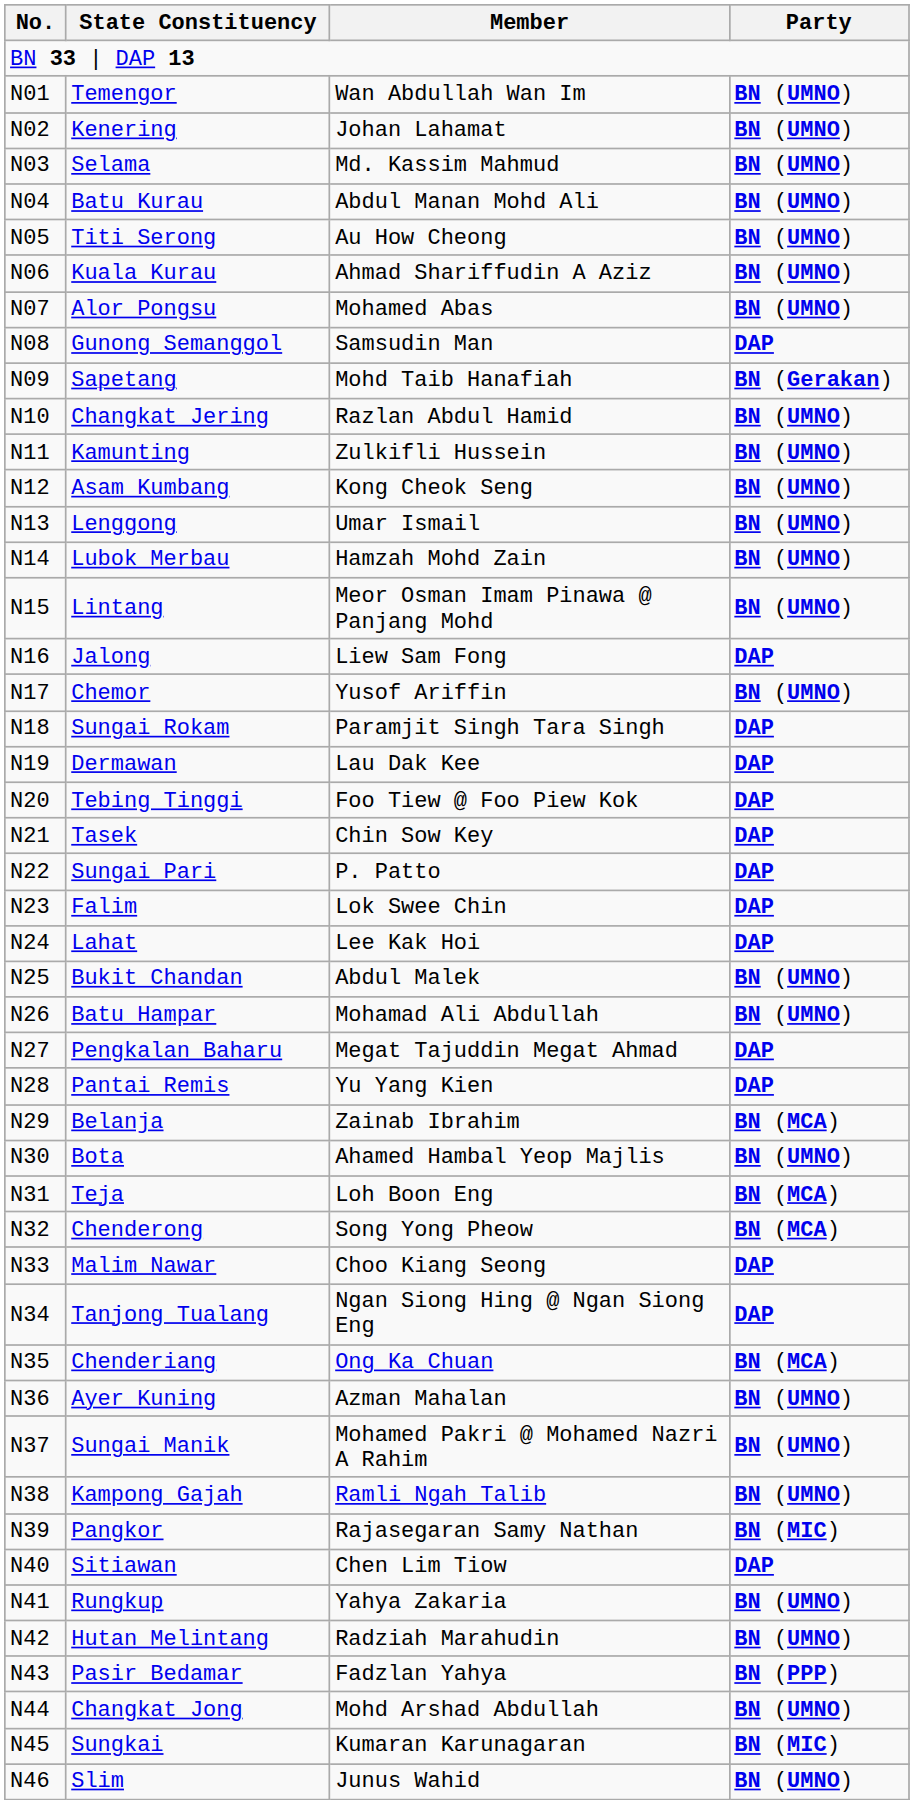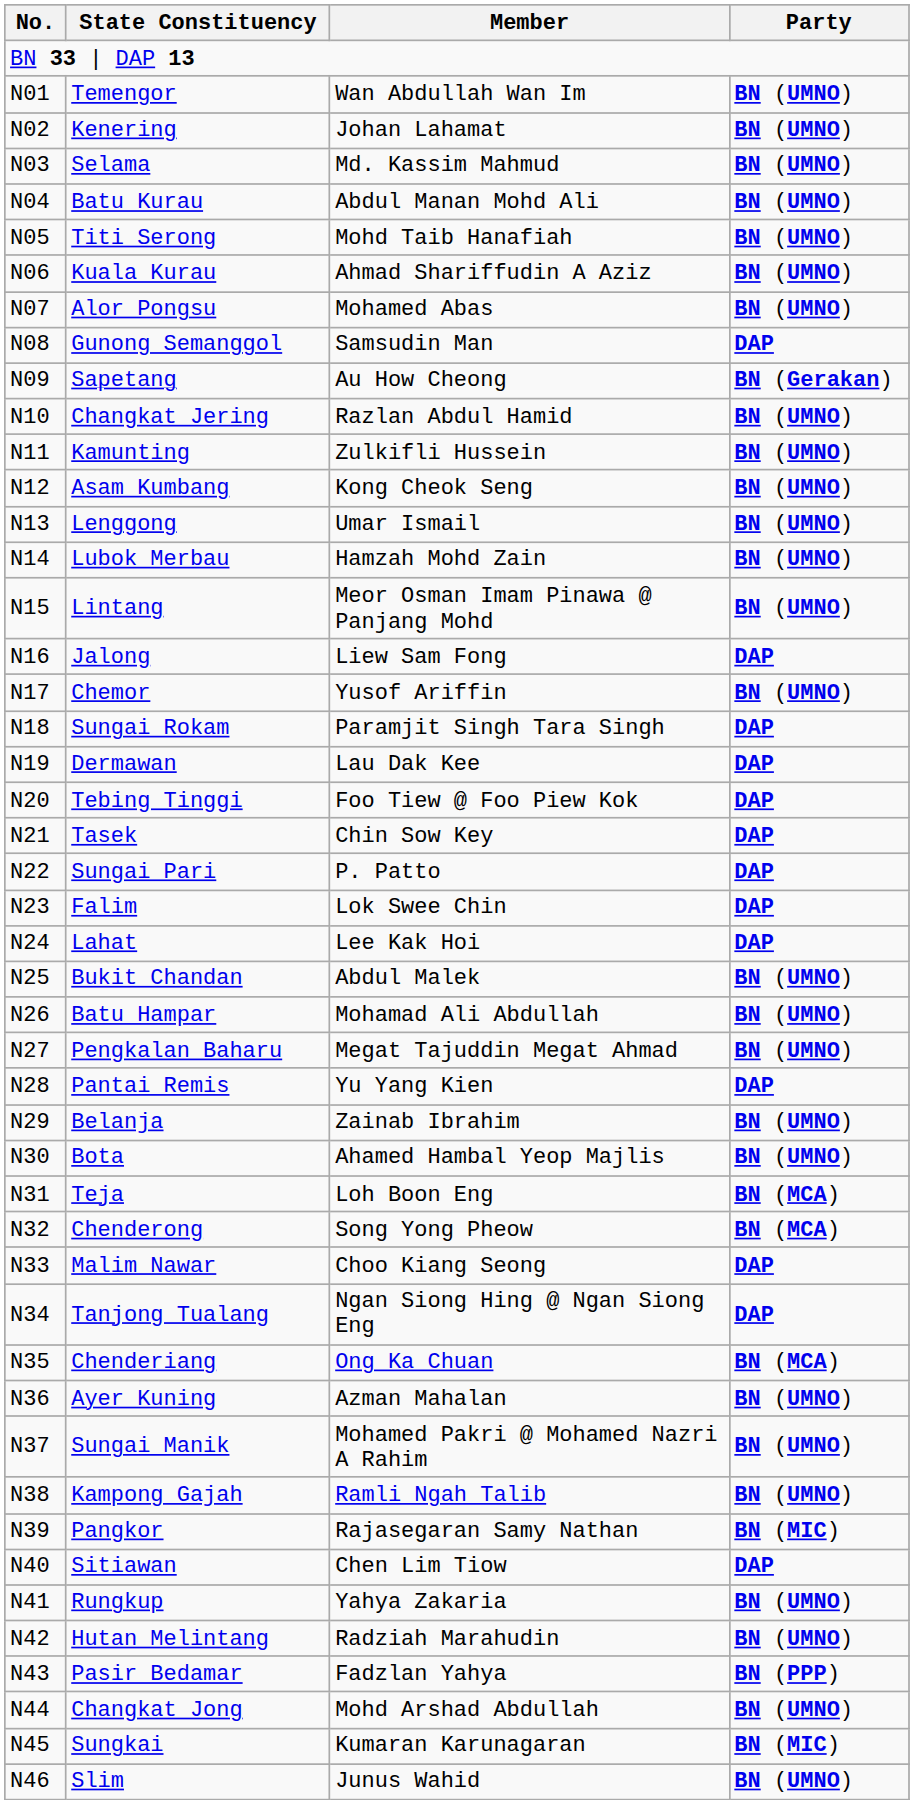 <table class="wikitable sortable">
 <tr>
 <th style="width:30px;">No.</th>
 <th style="width:150px;">State Constituency</th>
 <th style="width:230px;">Member</th>
 <th style="width:100px;">Party</th>
 </tr>
 <tr>
 <td colspan="4"><a href='#'>BN</a> <strong>33</strong> | <a href='#'>DAP</a> <strong>13</strong></td>
 </tr>
 <tr>
 <td>N01</td>
 <td><a href='#'>Temengor</a></td>
 <td>Wan Abdullah Wan Im</td>
 <td><strong><a href='#'>BN</a></strong> (<strong><a href='#'>UMNO</a></strong>)</td>
 </tr>
 <tr>
 <td>N02</td>
 <td><a href='#'>Kenering</a></td>
 <td>Johan Lahamat</td>
 <td><strong><a href='#'>BN</a></strong> (<strong><a href='#'>UMNO</a></strong>)</td>
 </tr>
 <tr>
 <td>N03</td>
 <td><a href='#'>Selama</a></td>
 <td>Md. Kassim Mahmud</td>
 <td><strong><a href='#'>BN</a></strong> (<strong><a href='#'>UMNO</a></strong>)</td>
 </tr>
 <tr>
 <td>N04</td>
 <td><a href='#'>Batu Kurau</a></td>
 <td>Abdul Manan Mohd Ali</td>
 <td><strong><a href='#'>BN</a></strong> (<strong><a href='#'>UMNO</a></strong>)</td>
 </tr>
 <tr>
 <td>N05</td>
 <td><a href='#'>Titi Serong</a></td>
-<td>Au How Cheong</td>
+<td>Mohd Taib Hanafiah</td>
 <td><strong><a href='#'>BN</a></strong> (<strong><a href='#'>UMNO</a></strong>)</td>
 </tr>
 <tr>
 <td>N06</td>
 <td><a href='#'>Kuala Kurau</a></td>
 <td>Ahmad Shariffudin A Aziz</td>
 <td><strong><a href='#'>BN</a></strong> (<strong><a href='#'>UMNO</a></strong>)</td>
 </tr>
 <tr>
 <td>N07</td>
 <td><a href='#'>Alor Pongsu</a></td>
 <td>Mohamed Abas</td>
 <td><strong><a href='#'>BN</a></strong> (<strong><a href='#'>UMNO</a></strong>)</td>
 </tr>
 <tr>
 <td>N08</td>
 <td><a href='#'>Gunong Semanggol</a></td>
 <td>Samsudin Man</td>
 <td><strong><a href='#'>DAP</a></strong></td>
 </tr>
 <tr>
 <td>N09</td>
 <td><a href='#'>Sapetang</a></td>
-<td>Mohd Taib Hanafiah</td>
+<td>Au How Cheong</td>
 <td><strong><a href='#'>BN</a></strong> (<strong><a href='#'>Gerakan</a></strong>)</td>
 </tr>
 <tr>
 <td>N10</td>
 <td><a href='#'>Changkat Jering</a></td>
 <td>Razlan Abdul Hamid</td>
 <td><strong><a href='#'>BN</a></strong> (<strong><a href='#'>UMNO</a></strong>)</td>
 </tr>
 <tr>
 <td>N11</td>
 <td><a href='#'>Kamunting</a></td>
 <td>Zulkifli Hussein</td>
 <td><strong><a href='#'>BN</a></strong> (<strong><a href='#'>UMNO</a></strong>)</td>
 </tr>
 <tr>
 <td>N12</td>
 <td><a href='#'>Asam Kumbang</a></td>
 <td>Kong Cheok Seng</td>
 <td><strong><a href='#'>BN</a></strong> (<strong><a href='#'>UMNO</a></strong>)</td>
 </tr>
 <tr>
 <td>N13</td>
 <td><a href='#'>Lenggong</a></td>
 <td>Umar Ismail</td>
 <td><strong><a href='#'>BN</a></strong> (<strong><a href='#'>UMNO</a></strong>)</td>
 </tr>
 <tr>
 <td>N14</td>
 <td><a href='#'>Lubok Merbau</a></td>
 <td>Hamzah Mohd Zain</td>
 <td><strong><a href='#'>BN</a></strong> (<strong><a href='#'>UMNO</a></strong>)</td>
 </tr>
 <tr>
 <td>N15</td>
 <td><a href='#'>Lintang</a></td>
 <td>Meor Osman Imam Pinawa @ Panjang Mohd</td>
 <td><strong><a href='#'>BN</a></strong> (<strong><a href='#'>UMNO</a></strong>)</td>
 </tr>
 <tr>
 <td>N16</td>
 <td><a href='#'>Jalong</a></td>
 <td>Liew Sam Fong</td>
 <td><strong><a href='#'>DAP</a></strong></td>
 </tr>
 <tr>
 <td>N17</td>
 <td><a href='#'>Chemor</a></td>
 <td>Yusof Ariffin</td>
 <td><strong><a href='#'>BN</a></strong> (<strong><a href='#'>UMNO</a></strong>)</td>
 </tr>
 <tr>
 <td>N18</td>
 <td><a href='#'>Sungai Rokam</a></td>
 <td>Paramjit Singh Tara Singh</td>
 <td><strong><a href='#'>DAP</a></strong></td>
 </tr>
 <tr>
 <td>N19</td>
 <td><a href='#'>Dermawan</a></td>
 <td>Lau Dak Kee</td>
 <td><strong><a href='#'>DAP</a></strong></td>
 </tr>
 <tr>
 <td>N20</td>
 <td><a href='#'>Tebing Tinggi</a></td>
 <td>Foo Tiew @ Foo Piew Kok</td>
 <td><strong><a href='#'>DAP</a></strong></td>
 </tr>
 <tr>
 <td>N21</td>
 <td><a href='#'>Tasek</a></td>
 <td>Chin Sow Key</td>
 <td><strong><a href='#'>DAP</a></strong></td>
 </tr>
 <tr>
 <td>N22</td>
 <td><a href='#'>Sungai Pari</a></td>
 <td>P. Patto</td>
 <td><strong><a href='#'>DAP</a></strong></td>
 </tr>
 <tr>
 <td>N23</td>
 <td><a href='#'>Falim</a></td>
 <td>Lok Swee Chin</td>
 <td><strong><a href='#'>DAP</a></strong></td>
 </tr>
 <tr>
 <td>N24</td>
 <td><a href='#'>Lahat</a></td>
 <td>Lee Kak Hoi</td>
 <td><strong><a href='#'>DAP</a></strong></td>
 </tr>
 <tr>
 <td>N25</td>
 <td><a href='#'>Bukit Chandan</a></td>
 <td>Abdul Malek</td>
 <td><strong><a href='#'>BN</a></strong> (<strong><a href='#'>UMNO</a></strong>)</td>
 </tr>
 <tr>
 <td>N26</td>
 <td><a href='#'>Batu Hampar</a></td>
 <td>Mohamad Ali Abdullah</td>
 <td><strong><a href='#'>BN</a></strong> (<strong><a href='#'>UMNO</a></strong>)</td>
 </tr>
 <tr>
 <td>N27</td>
 <td><a href='#'>Pengkalan Baharu</a></td>
 <td>Megat Tajuddin Megat Ahmad</td>
-<td><strong><a href='#'>DAP</a></strong></td>
+<td><strong><a href='#'>BN</a></strong> (<strong><a href='#'>UMNO</a></strong>)</td>
 </tr>
 <tr>
 <td>N28</td>
 <td><a href='#'>Pantai Remis</a></td>
 <td>Yu Yang Kien</td>
 <td><strong><a href='#'>DAP</a></strong></td>
 </tr>
 <tr>
 <td>N29</td>
 <td><a href='#'>Belanja</a></td>
 <td>Zainab Ibrahim</td>
-<td><strong><a href='#'>BN</a></strong> (<strong><a href='#'>MCA</a></strong>)</td>
+<td><strong><a href='#'>BN</a></strong> (<strong><a href='#'>UMNO</a></strong>)</td>
 </tr>
 <tr>
 <td>N30</td>
 <td><a href='#'>Bota</a></td>
 <td>Ahamed Hambal Yeop Majlis</td>
 <td><strong><a href='#'>BN</a></strong> (<strong><a href='#'>UMNO</a></strong>)</td>
 </tr>
 <tr>
 <td>N31</td>
 <td><a href='#'>Teja</a></td>
 <td>Loh Boon Eng</td>
 <td><strong><a href='#'>BN</a></strong> (<strong><a href='#'>MCA</a></strong>)</td>
 </tr>
 <tr>
 <td>N32</td>
 <td><a href='#'>Chenderong</a></td>
 <td>Song Yong Pheow</td>
 <td><strong><a href='#'>BN</a></strong> (<strong><a href='#'>MCA</a></strong>)</td>
 </tr>
 <tr>
 <td>N33</td>
 <td><a href='#'>Malim Nawar</a></td>
 <td>Choo Kiang Seong</td>
 <td><strong><a href='#'>DAP</a></strong></td>
 </tr>
 <tr>
 <td>N34</td>
 <td><a href='#'>Tanjong Tualang</a></td>
 <td>Ngan Siong Hing @ Ngan Siong Eng</td>
 <td><strong><a href='#'>DAP</a></strong></td>
 </tr>
 <tr>
 <td>N35</td>
 <td><a href='#'>Chenderiang</a></td>
 <td><a href='#'>Ong Ka Chuan</a></td>
 <td><strong><a href='#'>BN</a></strong> (<strong><a href='#'>MCA</a></strong>)</td>
 </tr>
 <tr>
 <td>N36</td>
 <td><a href='#'>Ayer Kuning</a></td>
 <td>Azman Mahalan</td>
 <td><strong><a href='#'>BN</a></strong> (<strong><a href='#'>UMNO</a></strong>)</td>
 </tr>
 <tr>
 <td>N37</td>
 <td><a href='#'>Sungai Manik</a></td>
 <td>Mohamed Pakri @ Mohamed Nazri A Rahim</td>
 <td><strong><a href='#'>BN</a></strong> (<strong><a href='#'>UMNO</a></strong>)</td>
 </tr>
 <tr>
 <td>N38</td>
 <td><a href='#'>Kampong Gajah</a></td>
 <td><a href='#'>Ramli Ngah Talib</a></td>
 <td><strong><a href='#'>BN</a></strong> (<strong><a href='#'>UMNO</a></strong>)</td>
 </tr>
 <tr>
 <td>N39</td>
 <td><a href='#'>Pangkor</a></td>
 <td>Rajasegaran Samy Nathan</td>
 <td><strong><a href='#'>BN</a></strong> (<strong><a href='#'>MIC</a></strong>)</td>
 </tr>
 <tr>
 <td>N40</td>
 <td><a href='#'>Sitiawan</a></td>
 <td>Chen Lim Tiow</td>
 <td><strong><a href='#'>DAP</a></strong></td>
 </tr>
 <tr>
 <td>N41</td>
 <td><a href='#'>Rungkup</a></td>
 <td>Yahya Zakaria</td>
 <td><strong><a href='#'>BN</a></strong> (<strong><a href='#'>UMNO</a></strong>)</td>
 </tr>
 <tr>
 <td>N42</td>
 <td><a href='#'>Hutan Melintang</a></td>
 <td>Radziah Marahudin</td>
 <td><strong><a href='#'>BN</a></strong> (<strong><a href='#'>UMNO</a></strong>)</td>
 </tr>
 <tr>
 <td>N43</td>
 <td><a href='#'>Pasir Bedamar</a></td>
 <td>Fadzlan Yahya</td>
 <td><strong><a href='#'>BN</a></strong> (<strong><a href='#'>PPP</a></strong>)</td>
 </tr>
 <tr>
 <td>N44</td>
 <td><a href='#'>Changkat Jong</a></td>
 <td>Mohd Arshad Abdullah</td>
 <td><strong><a href='#'>BN</a></strong> (<strong><a href='#'>UMNO</a></strong>)</td>
 </tr>
 <tr>
 <td>N45</td>
 <td><a href='#'>Sungkai</a></td>
 <td>Kumaran Karunagaran</td>
 <td><strong><a href='#'>BN</a></strong> (<strong><a href='#'>MIC</a></strong>)</td>
 </tr>
 <tr>
 <td>N46</td>
 <td><a href='#'>Slim</a></td>
 <td>Junus Wahid</td>
 <td><strong><a href='#'>BN</a></strong> (<strong><a href='#'>UMNO</a></strong>)</td>
 </tr>
 </table>
